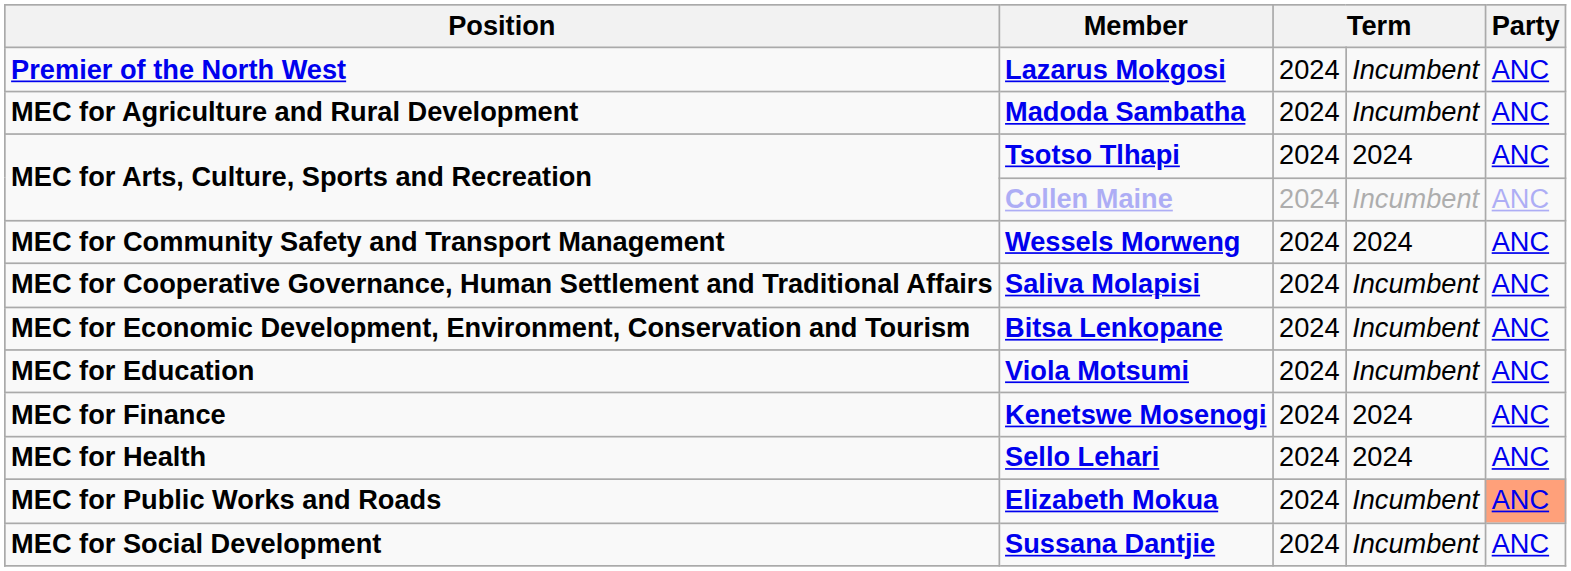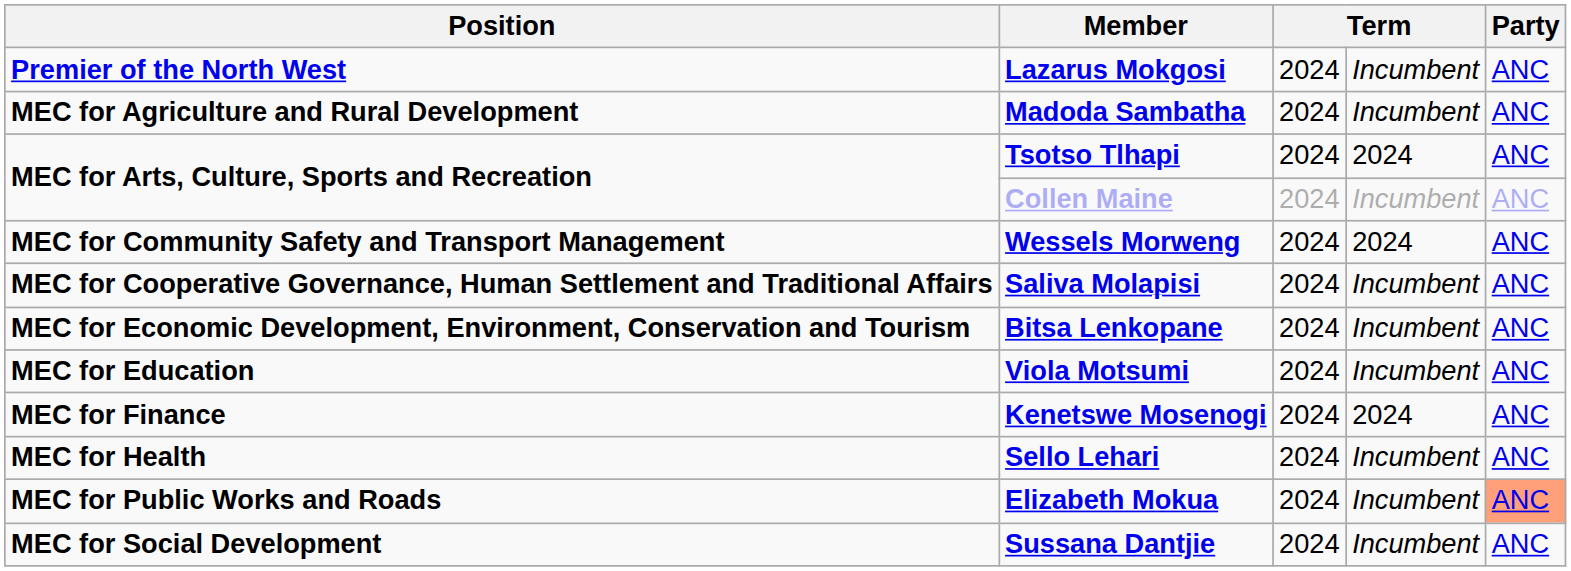 <table class="wikitable">
 <tr>
 <th>Position</th>
 <th>Member</th>
 <th colspan="2">Term</th>
 <th>Party</th>
 </tr>
 <tr>
 <td><strong><a href='#'>Premier of the North West</a></strong></td>
 <td><strong><a href='#'>Lazarus Mokgosi</a></strong></td>
 <td>2024</td>
 <td><em>Incumbent</em></td>
 <td><a href='#'>ANC</a></td>
 </tr>
 <tr>
 <td><strong>MEC for Agriculture and Rural Development</strong></td>
 <td><strong><a href='#'>Madoda Sambatha</a></strong></td>
 <td>2024</td>
 <td><em>Incumbent</em></td>
 <td><a href='#'>ANC</a></td>
 </tr>
 <tr>
 <td rowspan="2"><strong>MEC for Arts, Culture, Sports and Recreation</strong></td>
 <td><strong><a href='#'>Tsotso Tlhapi</a></strong></td>
 <td>2024</td>
 <td>2024</td>
 <td><a href='#'>ANC</a></td>
 </tr>
 <tr style="opacity:.3;">
 <td><strong><a href='#'>Collen Maine</a></strong></td>
 <td>2024</td>
 <td><em>Incumbent</em></td>
 <td><a href='#'>ANC</a></td>
 </tr>
 <tr>
 <td><strong>MEC for Community Safety and Transport Management</strong></td>
 <td><strong><a href='#'>Wessels Morweng</a></strong></td>
 <td>2024</td>
 <td>2024</td>
 <td><a href='#'>ANC</a></td>
 </tr>
 <tr>
 <td><strong>MEC for Cooperative Governance, Human Settlement and Traditional Affairs</strong></td>
 <td><strong><a href='#'>Saliva Molapisi</a></strong></td>
 <td>2024</td>
 <td><em>Incumbent</em></td>
 <td><a href='#'>ANC</a></td>
 </tr>
 <tr>
 <td><strong>MEC for Economic Development, Environment, Conservation and Tourism</strong></td>
 <td><strong><a href='#'>Bitsa Lenkopane</a></strong></td>
 <td>2024</td>
 <td><em>Incumbent</em></td>
 <td><a href='#'>ANC</a></td>
 </tr>
 <tr>
 <td><strong>MEC for Education</strong></td>
 <td><strong><a href='#'>Viola Motsumi</a></strong></td>
 <td>2024</td>
 <td><em>Incumbent</em></td>
 <td><a href='#'>ANC</a></td>
 </tr>
 <tr>
 <td><strong>MEC for Finance</strong></td>
 <td><strong><a href='#'>Kenetswe Mosenogi</a></strong></td>
 <td>2024</td>
 <td>2024</td>
 <td><a href='#'>ANC</a></td>
 </tr>
 <tr>
 <td><strong>MEC for Health</strong></td>
 <td><strong><a href='#'>Sello Lehari</a></strong></td>
 <td>2024</td>
-<td>2024</td>
+<td><em>Incumbent</em></td>
 <td><a href='#'>ANC</a></td>
 </tr>
 <tr>
 <td><strong>MEC for Public Works and Roads</strong></td>
 <td><strong><a href='#'>Elizabeth Mokua</a></strong></td>
 <td>2024</td>
 <td><em>Incumbent</em></td>
 <td style="background: lightsalmon;"><a href='#'>ANC</a></td>
 </tr>
 <tr>
 <td><strong>MEC for Social Development</strong></td>
 <td><strong><a href='#'>Sussana Dantjie</a></strong></td>
 <td>2024</td>
 <td><em>Incumbent</em></td>
 <td><a href='#'>ANC</a></td>
 </tr>
 </table>
